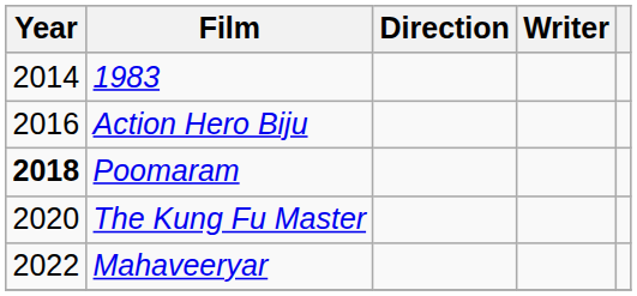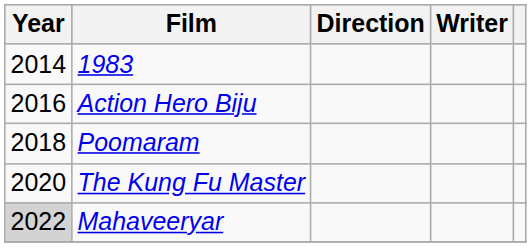 <table class="wikitable sortable">
 <tr style="background:#ccc; text-align:center;"!>
 <th>Year</th>
 <th>Film</th>
 <th>Direction</th>
 <th>Writer</th>
 <th class="unsortable"></th>
 </tr>
 <tr>
 <td>2014</td>
 <td><em><a href='#'>1983</a></em></td>
 <td></td>
 <td></td>
 <td></td>
 </tr>
 <tr>
 <td>2016</td>
 <td><em><a href='#'>Action Hero Biju</a></em></td>
 <td></td>
 <td></td>
 <td></td>
 </tr>
 <tr>
-<td><strong>2018</strong></td>
+<td>2018</td>
 <td><em><a href='#'>Poomaram</a></em></td>
 <td></td>
 <td></td>
 <td></td>
 </tr>
 <tr>
 <td>2020</td>
 <td><em><a href='#'>The Kung Fu Master</a></em></td>
 <td></td>
 <td></td>
 <td></td>
 </tr>
 <tr>
-<td>2022</td>
+<td style="background: lightgrey;">2022</td>
 <td><em><a href='#'>Mahaveeryar</a></em></td>
 <td></td>
 <td></td>
 <td></td>
 </tr>
 <tr>
 </tr>
 </table>
